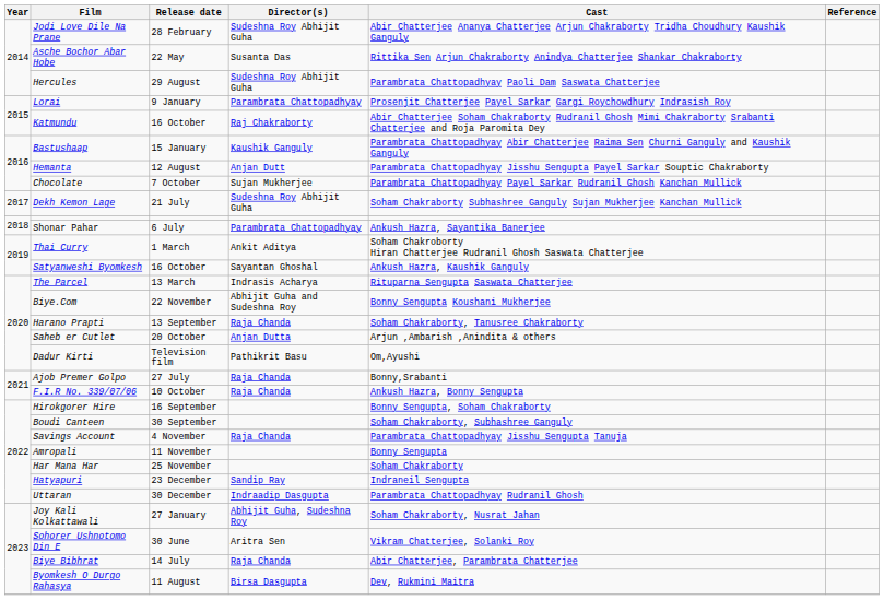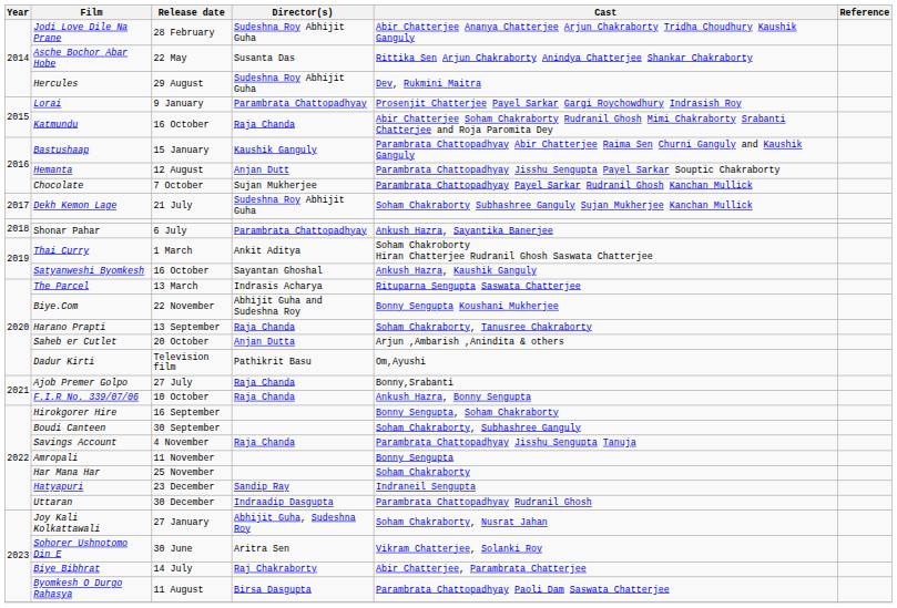 <table class="wikitable">
 <tr>
 <th>Year</th>
 <th>Film</th>
 <th>Release date</th>
 <th>Director(s)</th>
 <th>Cast</th>
 <th>Reference</th>
 </tr>
 <tr>
 <td rowspan="3">2014</td>
 <td><em><a href='#'>Jodi Love Dile Na Prane</a></em></td>
 <td>28 February</td>
 <td><a href='#'>Sudeshna Roy</a> Abhijit Guha</td>
 <td><a href='#'>Abir Chatterjee</a> <a href='#'>Ananya Chatterjee</a> <a href='#'>Arjun Chakraborty</a> <a href='#'>Tridha Choudhury</a> <a href='#'>Kaushik Ganguly</a></td>
 <td></td>
 </tr>
 <tr>
 <td><em><a href='#'>Asche Bochor Abar Hobe</a></em></td>
 <td>22 May</td>
 <td>Susanta Das</td>
 <td><a href='#'>Rittika Sen</a> <a href='#'>Arjun Chakraborty</a> <a href='#'>Anindya Chatterjee</a> <a href='#'>Shankar Chakraborty</a></td>
 <td></td>
 </tr>
 <tr>
 <td><em>Hercules</em></td>
 <td>29 August</td>
 <td><a href='#'>Sudeshna Roy</a> Abhijit Guha</td>
-<td><a href='#'>Parambrata Chattopadhyay</a> <a href='#'>Paoli Dam</a> <a href='#'>Saswata Chatterjee</a></td>
+<td><a href='#'>Dev</a>, <a href='#'>Rukmini Maitra</a></td>
 <td></td>
 </tr>
 <tr>
 <td rowspan="2">2015</td>
 <td><em><a href='#'>Lorai</a></em></td>
 <td>9 January</td>
 <td><a href='#'>Parambrata Chattopadhyay</a></td>
 <td><a href='#'>Prosenjit Chatterjee</a> <a href='#'>Payel Sarkar</a> <a href='#'>Gargi Roychowdhury</a> <a href='#'>Indrasish Roy</a></td>
 <td></td>
 </tr>
 <tr>
 <td><em><a href='#'>Katmundu</a></em></td>
 <td>16 October</td>
-<td><a href='#'>Raj Chakraborty</a></td>
+<td><a href='#'>Raja Chanda</a></td>
 <td><a href='#'>Abir Chatterjee</a> <a href='#'>Soham Chakraborty</a> <a href='#'>Rudranil Ghosh</a> <a href='#'>Mimi Chakraborty</a> <a href='#'>Srabanti Chatterjee</a> and Roja Paromita Dey</td>
 <td></td>
 </tr>
 <tr>
 <td rowspan="3">2016</td>
 <td><em><a href='#'>Bastushaap</a></em></td>
 <td>15 January</td>
 <td><a href='#'>Kaushik Ganguly</a></td>
 <td><a href='#'>Parambrata Chattopadhyay</a> <a href='#'>Abir Chatterjee</a> <a href='#'>Raima Sen</a> <a href='#'>Churni Ganguly</a> and <a href='#'>Kaushik Ganguly</a></td>
 <td></td>
 </tr>
 <tr>
 <td><em><a href='#'>Hemanta</a></em></td>
 <td>12 August</td>
 <td><a href='#'>Anjan Dutt</a></td>
 <td><a href='#'>Parambrata Chattopadhyay</a> <a href='#'>Jisshu Sengupta</a> <a href='#'>Payel Sarkar</a> Souptic Chakraborty</td>
 <td></td>
 </tr>
 <tr>
 <td><em>Chocolate</em></td>
 <td>7 October</td>
 <td>Sujan Mukherjee</td>
 <td><a href='#'>Parambrata Chattopadhyay</a> <a href='#'>Payel Sarkar</a> <a href='#'>Rudranil Ghosh</a> <a href='#'>Kanchan Mullick</a></td>
 <td></td>
 </tr>
 <tr>
 <td>2017</td>
 <td><em><a href='#'>Dekh Kemon Lage</a></em></td>
 <td>21 July</td>
 <td><a href='#'>Sudeshna Roy</a> Abhijit Guha</td>
 <td><a href='#'>Soham Chakraborty</a> <a href='#'>Subhashree Ganguly</a> <a href='#'>Sujan Mukherjee</a> <a href='#'>Kanchan Mullick</a></td>
 <td></td>
 </tr>
 <tr>
 <td rowspan="2">2018</td>
 <td></td>
 <td></td>
 <td></td>
 <td></td>
 <td></td>
 </tr>
 <tr>
 <td>Shonar Pahar</td>
 <td>6 July</td>
 <td><a href='#'>Parambrata Chattopadhyay</a></td>
 <td><a href='#'>Ankush Hazra</a>, <a href='#'>Sayantika Banerjee</a></td>
 <td></td>
 </tr>
 <tr>
 <td rowspan="2">2019</td>
 <td><em><a href='#'>Thai Curry</a></em></td>
 <td>1 March</td>
 <td>Ankit Aditya</td>
 <td>Soham Chakroborty<br>Hiran Chatterjee Rudranil Ghosh Saswata Chatterjee</td>
 <td></td>
 </tr>
 <tr>
 <td><em><a href='#'>Satyanweshi Byomkesh</a></em></td>
 <td>16 October</td>
 <td>Sayantan Ghoshal</td>
 <td><a href='#'>Ankush Hazra</a>, <a href='#'>Kaushik Ganguly</a></td>
 <td></td>
 </tr>
 <tr>
 <td rowspan="5">2020</td>
 <td><em><a href='#'>The Parcel</a></em></td>
 <td>13 March</td>
 <td>Indrasis Acharya</td>
 <td><a href='#'>Rituparna Sengupta</a> <a href='#'>Saswata Chatterjee</a></td>
 <td></td>
 </tr>
 <tr>
 <td><em>Biye.Com</em></td>
 <td>22 November</td>
 <td>Abhijit Guha and Sudeshna Roy</td>
 <td><a href='#'>Bonny Sengupta</a> <a href='#'>Koushani Mukherjee</a></td>
 <td></td>
 </tr>
 <tr>
 <td><em>Harano Prapti</em></td>
 <td>13 September</td>
 <td><a href='#'>Raja Chanda</a></td>
 <td><a href='#'>Soham Chakraborty</a>, <a href='#'>Tanusree Chakraborty</a></td>
 <td></td>
 </tr>
 <tr>
 <td><em>Saheb er Cutlet</em></td>
 <td>20 October</td>
 <td><a href='#'>Anjan Dutta</a></td>
 <td>Arjun ,Ambarish ,Anindita & others</td>
 <td></td>
 </tr>
 <tr>
 <td><em>Dadur Kirti</em></td>
 <td>Television film</td>
 <td>Pathikrit Basu</td>
 <td>Om,Ayushi</td>
 <td></td>
 </tr>
 <tr>
 <td rowspan="2">2021</td>
 <td><em>Ajob Premer Golpo</em></td>
 <td>27 July</td>
 <td><a href='#'>Raja Chanda</a></td>
 <td>Bonny,Srabanti</td>
 <td></td>
 </tr>
 <tr>
 <td><em><a href='#'>F.I.R No. 339/07/06</a></em></td>
 <td>10 October</td>
 <td><a href='#'>Raja Chanda</a></td>
 <td><a href='#'>Ankush Hazra</a>, <a href='#'>Bonny Sengupta</a></td>
 <td></td>
 </tr>
 <tr>
 <td rowspan="7">2022</td>
 <td><em>Hirokgorer Hire</em></td>
 <td>16 September</td>
 <td></td>
 <td><a href='#'>Bonny Sengupta</a>, <a href='#'>Soham Chakraborty</a></td>
 <td></td>
 </tr>
 <tr>
 <td><em>Boudi Canteen</em></td>
 <td>30 September</td>
 <td></td>
 <td><a href='#'>Soham Chakraborty</a>, <a href='#'>Subhashree Ganguly</a></td>
 <td></td>
 </tr>
 <tr>
 <td><em>Savings Account</em></td>
 <td>4 November</td>
 <td><a href='#'>Raja Chanda</a></td>
 <td><a href='#'>Parambrata Chattopadhyay</a> <a href='#'>Jisshu Sengupta</a> <a href='#'>Tanuja</a></td>
 <td></td>
 </tr>
 <tr>
 <td><em>Amropali</em></td>
 <td>11 November</td>
 <td></td>
 <td><a href='#'>Bonny Sengupta</a></td>
 <td></td>
 </tr>
 <tr>
 <td><em>Har Mana Har</em></td>
 <td>25 November</td>
 <td></td>
 <td><a href='#'>Soham Chakraborty</a></td>
 <td></td>
 </tr>
 <tr>
 <td><em><a href='#'>Hatyapuri</a></em></td>
 <td>23 December</td>
 <td><a href='#'>Sandip Ray</a></td>
 <td><a href='#'>Indraneil Sengupta</a></td>
 <td></td>
 </tr>
 <tr>
 <td><em>Uttaran</em></td>
 <td>30 December</td>
 <td><a href='#'>Indraadip Dasgupta</a></td>
 <td><a href='#'>Parambrata Chattopadhyay</a> <a href='#'>Rudranil Ghosh</a></td>
 <td></td>
 </tr>
 <tr>
 <td rowspan="4">2023</td>
 <td><em>Joy Kali Kolkattawali</em></td>
 <td>27 January</td>
 <td><a href='#'>Abhijit Guha</a>, <a href='#'>Sudeshna Roy</a></td>
 <td><a href='#'>Soham Chakraborty</a>, <a href='#'>Nusrat Jahan</a></td>
 <td></td>
 </tr>
 <tr>
 <td><em><a href='#'>Sohorer Ushnotomo Din E</a></em></td>
 <td>30 June</td>
 <td>Aritra Sen</td>
 <td><a href='#'>Vikram Chatterjee</a>, <a href='#'>Solanki Roy</a></td>
 <td></td>
 </tr>
 <tr>
 <td><em><a href='#'>Biye Bibhrat</a></em></td>
 <td>14 July</td>
-<td><a href='#'>Raja Chanda</a></td>
+<td><a href='#'>Raj Chakraborty</a></td>
 <td><a href='#'>Abir Chatterjee</a>, <a href='#'>Parambrata Chatterjee</a></td>
 <td></td>
 </tr>
 <tr>
 <td><a href='#'><em>Byomkesh O Durgo Rahasya</em></a></td>
 <td>11 August</td>
 <td><a href='#'>Birsa Dasgupta</a></td>
-<td><a href='#'>Dev</a>, <a href='#'>Rukmini Maitra</a></td>
+<td><a href='#'>Parambrata Chattopadhyay</a> <a href='#'>Paoli Dam</a> <a href='#'>Saswata Chatterjee</a></td>
 <td></td>
 </tr>
 <tr>
 </tr>
 </table>
